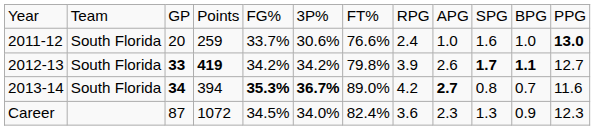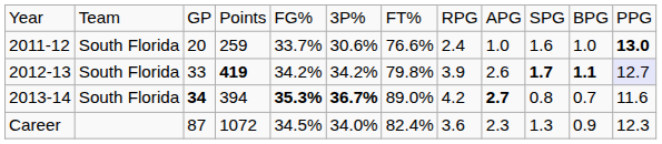 <table class="wikitable">
 <tr>
 <td>Year</td>
 <td>Team</td>
 <td>GP</td>
 <td>Points</td>
 <td>FG%</td>
 <td>3P%</td>
 <td>FT%</td>
 <td>RPG</td>
 <td>APG</td>
 <td>SPG</td>
 <td>BPG</td>
 <td>PPG</td>
 </tr>
 <tr>
 <td>2011-12</td>
 <td>South Florida</td>
 <td>20</td>
 <td>259</td>
 <td>33.7%</td>
 <td>30.6%</td>
 <td>76.6%</td>
 <td>2.4</td>
 <td>1.0</td>
 <td>1.6</td>
 <td>1.0</td>
 <td><strong>13.0</strong></td>
 </tr>
 <tr>
 <td>2012-13</td>
 <td>South Florida</td>
-<td><strong>33</strong></td>
+<td>33</td>
 <td><strong>419</strong></td>
 <td>34.2%</td>
 <td>34.2%</td>
 <td>79.8%</td>
 <td>3.9</td>
 <td>2.6</td>
 <td><strong>1.7</strong></td>
 <td><strong>1.1</strong></td>
-<td>12.7</td>
+<td style="background: lavender;">12.7</td>
 </tr>
 <tr>
 <td>2013-14</td>
 <td>South Florida</td>
 <td><strong>34</strong></td>
 <td>394</td>
 <td><strong>35.3%</strong></td>
 <td><strong>36.7%</strong></td>
 <td>89.0%</td>
 <td>4.2</td>
 <td><strong>2.7</strong></td>
 <td>0.8</td>
 <td>0.7</td>
 <td>11.6</td>
 </tr>
 <tr>
 <td>Career</td>
 <td></td>
 <td>87</td>
 <td>1072</td>
 <td>34.5%</td>
 <td>34.0%</td>
 <td>82.4%</td>
 <td>3.6</td>
 <td>2.3</td>
 <td>1.3</td>
 <td>0.9</td>
 <td>12.3</td>
 </tr>
 </table>
